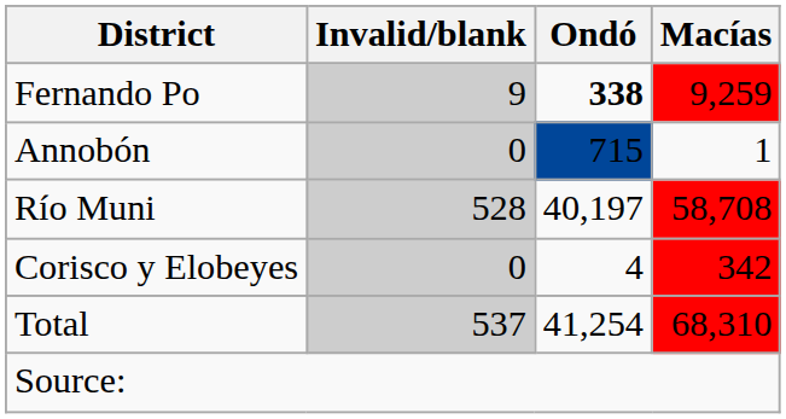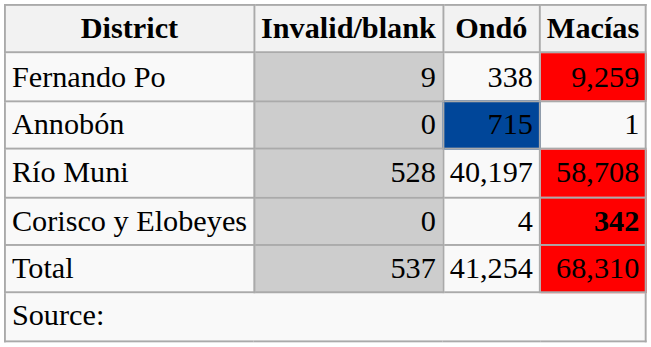 <table class=wikitable style=text-align:right>
 <tr>
 <th>District</th>
 <th>Invalid/blank</th>
 <th>Ondó</th>
 <th>Macías</th>
 </tr>
 <tr>
 <td align=left>Fernando Po</td>
 <td bgcolor=#cdcdcd>9</td>
-<td><strong>338</strong></td>
+<td>338</td>
 <td bgcolor=#ff0000>9,259</td>
 </tr>
 <tr>
 <td align=left>Annobón</td>
 <td bgcolor=#cdcdcd>0</td>
 <td bgcolor=#004699>715</td>
 <td>1</td>
 </tr>
 <tr>
 <td align=left>Río Muni</td>
 <td bgcolor=#cdcdcd>528</td>
 <td>40,197</td>
 <td bgcolor=#ff0000>58,708</td>
 </tr>
 <tr>
 <td align=left>Corisco y Elobeyes</td>
 <td bgcolor=#cdcdcd>0</td>
 <td>4</td>
-<td bgcolor=#ff0000>342</td>
+<td bgcolor=#ff0000><strong>342</strong></td>
 </tr>
 <tr>
 <td align=left>Total</td>
 <td bgcolor=#cdcdcd>537</td>
 <td>41,254</td>
 <td bgcolor=#ff0000>68,310</td>
 </tr>
 <tr>
 <td colspan=6 align=left>Source: </td>
 </tr>
 </table>
